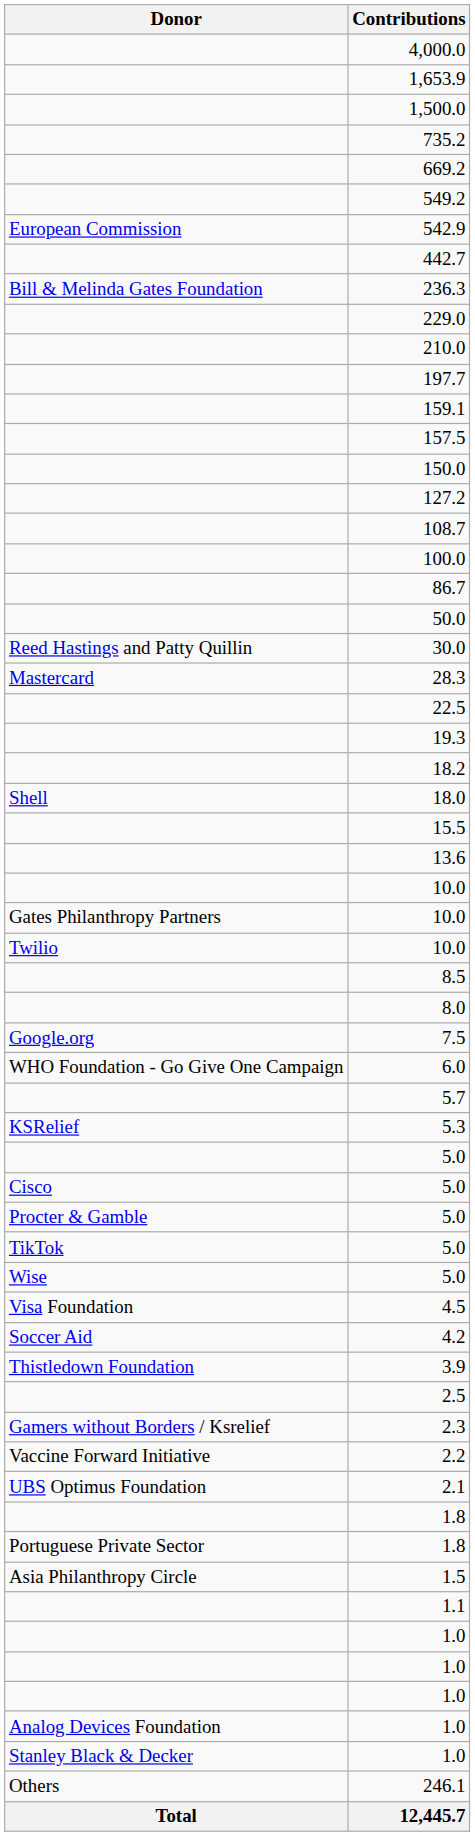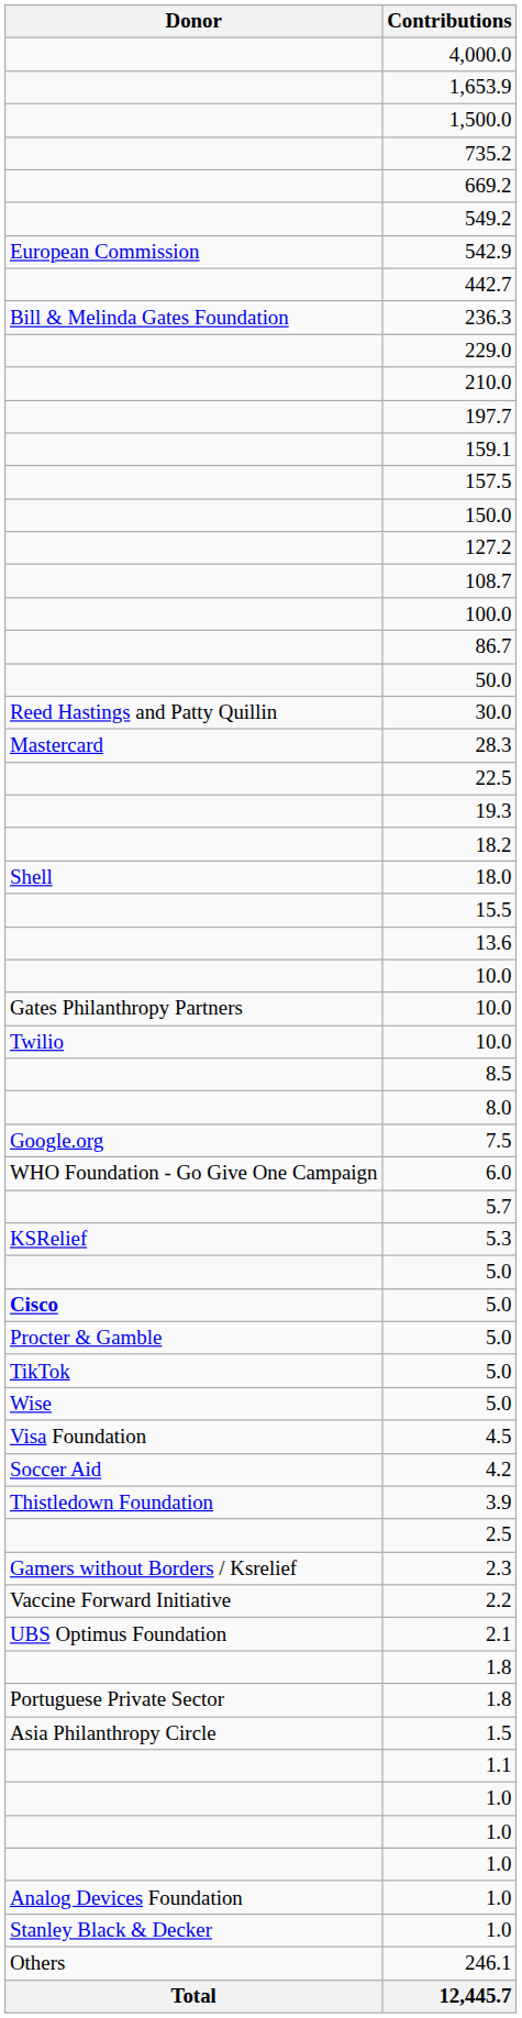 <table class="wikitable sortable">
 <tr>
 <th>Donor</th>
 <th>Contributions</th>
 </tr>
 <tr>
 <td></td>
 <td style="text-align:right;">4,000.0</td>
 </tr>
 <tr>
 <td></td>
 <td style="text-align:right;">1,653.9</td>
 </tr>
 <tr>
 <td></td>
 <td style="text-align:right;">1,500.0</td>
 </tr>
 <tr>
 <td></td>
 <td style="text-align:right;">735.2</td>
 </tr>
 <tr>
 <td></td>
 <td style="text-align:right;">669.2</td>
 </tr>
 <tr>
 <td></td>
 <td style="text-align:right;">549.2</td>
 </tr>
 <tr>
 <td> <a href='#'>European Commission</a></td>
 <td style="text-align:right;">542.9</td>
 </tr>
 <tr>
 <td></td>
 <td style="text-align:right;">442.7</td>
 </tr>
 <tr>
 <td><a href='#'>Bill & Melinda Gates Foundation</a></td>
 <td style="text-align:right;">236.3</td>
 </tr>
 <tr>
 <td></td>
 <td style="text-align:right;">229.0</td>
 </tr>
 <tr>
 <td></td>
 <td style="text-align:right;">210.0</td>
 </tr>
 <tr>
 <td></td>
 <td style="text-align:right;">197.7</td>
 </tr>
 <tr>
 <td></td>
 <td style="text-align:right;">159.1</td>
 </tr>
 <tr>
 <td></td>
 <td style="text-align:right;">157.5</td>
 </tr>
 <tr>
 <td></td>
 <td style="text-align:right;">150.0</td>
 </tr>
 <tr>
 <td></td>
 <td style="text-align:right;">127.2</td>
 </tr>
 <tr>
 <td></td>
 <td style="text-align:right;">108.7</td>
 </tr>
 <tr>
 <td></td>
 <td style="text-align:right;">100.0</td>
 </tr>
 <tr>
 <td></td>
 <td style="text-align:right;">86.7</td>
 </tr>
 <tr>
 <td></td>
 <td style="text-align:right;">50.0</td>
 </tr>
 <tr>
 <td><a href='#'>Reed Hastings</a> and Patty Quillin</td>
 <td style="text-align:right;">30.0</td>
 </tr>
 <tr>
 <td><a href='#'>Mastercard</a></td>
 <td style="text-align:right;">28.3</td>
 </tr>
 <tr>
 <td></td>
 <td style="text-align:right;">22.5</td>
 </tr>
 <tr>
 <td></td>
 <td style="text-align:right;">19.3</td>
 </tr>
 <tr>
 <td></td>
 <td style="text-align:right;">18.2</td>
 </tr>
 <tr>
 <td><a href='#'>Shell</a></td>
 <td style="text-align:right;">18.0</td>
 </tr>
 <tr>
 <td></td>
 <td style="text-align:right;">15.5</td>
 </tr>
 <tr>
 <td></td>
 <td style="text-align:right;">13.6</td>
 </tr>
 <tr>
 <td></td>
 <td style="text-align:right;">10.0</td>
 </tr>
 <tr>
 <td>Gates Philanthropy Partners</td>
 <td style="text-align:right;">10.0</td>
 </tr>
 <tr>
 <td><a href='#'>Twilio</a></td>
 <td style="text-align:right;">10.0</td>
 </tr>
 <tr>
 <td></td>
 <td style="text-align:right;">8.5</td>
 </tr>
 <tr>
 <td></td>
 <td style="text-align:right;">8.0</td>
 </tr>
 <tr>
 <td><a href='#'>Google.org</a></td>
 <td style="text-align:right;">7.5</td>
 </tr>
 <tr>
 <td>WHO Foundation - Go Give One Campaign</td>
 <td style="text-align:right;">6.0</td>
 </tr>
 <tr>
 <td></td>
 <td style="text-align:right;">5.7</td>
 </tr>
 <tr>
 <td><a href='#'>KSRelief</a></td>
 <td style="text-align:right;">5.3</td>
 </tr>
 <tr>
 <td></td>
 <td style="text-align:right;">5.0</td>
 </tr>
 <tr>
-<td><a href='#'>Cisco</a></td>
+<td><strong><a href='#'>Cisco</a></strong></td>
 <td style="text-align:right;">5.0</td>
 </tr>
 <tr>
 <td><a href='#'>Procter & Gamble</a></td>
 <td style="text-align:right;">5.0</td>
 </tr>
 <tr>
 <td><a href='#'>TikTok</a></td>
 <td style="text-align:right;">5.0</td>
 </tr>
 <tr>
 <td><a href='#'>Wise</a></td>
 <td style="text-align:right;">5.0</td>
 </tr>
 <tr>
 <td><a href='#'>Visa</a> Foundation</td>
 <td style="text-align:right;">4.5</td>
 </tr>
 <tr>
 <td><a href='#'>Soccer Aid</a></td>
 <td style="text-align:right;">4.2</td>
 </tr>
 <tr>
 <td><a href='#'>Thistledown Foundation</a></td>
 <td style="text-align:right;">3.9</td>
 </tr>
 <tr>
 <td></td>
 <td style="text-align:right;">2.5</td>
 </tr>
 <tr>
 <td><a href='#'>Gamers without Borders</a> / Ksrelief</td>
 <td style="text-align:right;">2.3</td>
 </tr>
 <tr>
 <td>Vaccine Forward Initiative</td>
 <td style="text-align:right;">2.2</td>
 </tr>
 <tr>
 <td><a href='#'>UBS</a> Optimus Foundation</td>
 <td style="text-align:right;">2.1</td>
 </tr>
 <tr>
 <td></td>
 <td style="text-align:right;">1.8</td>
 </tr>
 <tr>
 <td>Portuguese Private Sector</td>
 <td style="text-align:right;">1.8</td>
 </tr>
 <tr>
 <td>Asia Philanthropy Circle</td>
 <td style="text-align:right;">1.5</td>
 </tr>
 <tr>
 <td></td>
 <td style="text-align:right;">1.1</td>
 </tr>
 <tr>
 <td></td>
 <td style="text-align:right;">1.0</td>
 </tr>
 <tr>
 <td></td>
 <td style="text-align:right;">1.0</td>
 </tr>
 <tr>
 <td></td>
 <td style="text-align:right;">1.0</td>
 </tr>
 <tr>
 <td><a href='#'>Analog Devices</a> Foundation</td>
 <td style="text-align:right;">1.0</td>
 </tr>
 <tr>
 <td><a href='#'>Stanley Black & Decker</a></td>
 <td style="text-align:right;">1.0</td>
 </tr>
 <tr>
 <td>Others</td>
 <td style="text-align:right;">246.1</td>
 </tr>
 <tr>
 <th>Total</th>
 <th style="text-align:right;">12,445.7</th>
 </tr>
 </table>
